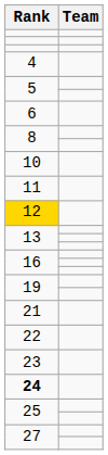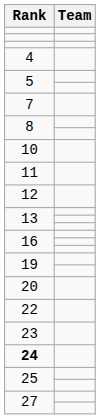 <table class="wikitable" style="text-align: center;">
 <tr>
 <th width=40>Rank</th>
 <th>Team</th>
 </tr>
 <tr>
 <td></td>
 <td align=left></td>
 </tr>
 <tr>
 <td></td>
 <td align=left></td>
 </tr>
 <tr>
 <td></td>
 <td align=left></td>
 </tr>
 <tr>
 <td>4</td>
 <td align=left></td>
 </tr>
 <tr>
 <td rowspan=2>5</td>
 <td align=left></td>
 </tr>
 <tr>
 <td align=left></td>
 </tr>
 <tr>
-<td>6</td>
+<td>7</td>
 <td align=left></td>
 </tr>
 <tr>
 <td rowspan=2>8</td>
 <td align=left></td>
 </tr>
 <tr>
 <td align=left></td>
 </tr>
 <tr>
 <td>10</td>
 <td align=left></td>
 </tr>
 <tr>
 <td>11</td>
 <td align=left></td>
 </tr>
 <tr>
-<td style="background: gold;">12</td>
+<td>12</td>
 <td align=left></td>
 </tr>
 <tr>
 <td rowspan=3>13</td>
 <td align=left></td>
 </tr>
 <tr>
 <td align=left></td>
 </tr>
 <tr>
 <td align=left></td>
 </tr>
 <tr>
 <td rowspan=3>16</td>
 <td align=left></td>
 </tr>
 <tr>
 <td align=left></td>
 </tr>
 <tr>
 <td align=left></td>
 </tr>
 <tr>
 <td rowspan=2>19</td>
 <td align=left></td>
 </tr>
 <tr>
 <td align=left></td>
 </tr>
 <tr>
-<td>21</td>
+<td>20</td>
 <td align=left></td>
 </tr>
 <tr>
 <td>22</td>
 <td align=left></td>
 </tr>
 <tr>
 <td>23</td>
 <td align=left></td>
 </tr>
 <tr>
 <td><strong>24</strong></td>
 <td align=left></td>
 </tr>
 <tr>
 <td rowspan=2>25</td>
 <td align=left></td>
 </tr>
 <tr>
 <td align=left></td>
 </tr>
 <tr>
 <td rowspan=2>27</td>
 <td align=left></td>
 </tr>
 <tr>
 <td align=left></td>
 </tr>
 </table>
